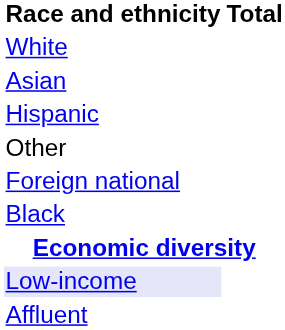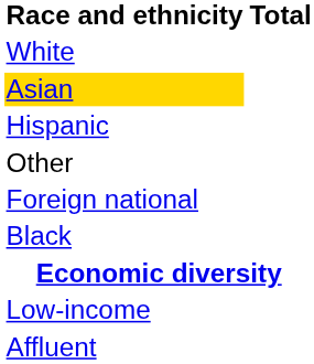 <table font-size:80%;">
 <tr>
 <th>Race and ethnicity</th>
 <th colspan="2" data-sort-type=number>Total</th>
 </tr>
 <tr>
 <td><a href='#'>White</a></td>
 <td align=right></td>
 </tr>
 <tr>
-<td><a href='#'>Asian</a></td>
+<td style="background: gold;"><a href='#'>Asian</a></td>
 <td align=right></td>
 </tr>
 <tr>
 <td><a href='#'>Hispanic</a></td>
 <td align=right></td>
 </tr>
 <tr>
 <td>Other</td>
 <td align=right></td>
 </tr>
 <tr>
 <td><a href='#'>Foreign national</a></td>
 <td align=right></td>
 </tr>
 <tr>
 <td><a href='#'>Black</a></td>
 <td align=right></td>
 </tr>
 <tr>
 <th colspan="4" data-sort-type=number><a href='#'>Economic diversity</a></th>
 </tr>
 <tr>
-<td style="background: lavender;"><a href='#'>Low-income</a></td>
+<td><a href='#'>Low-income</a></td>
 <td align=right></td>
 </tr>
 <tr>
 <td><a href='#'>Affluent</a></td>
 <td align=right></td>
 </tr>
 </table>
